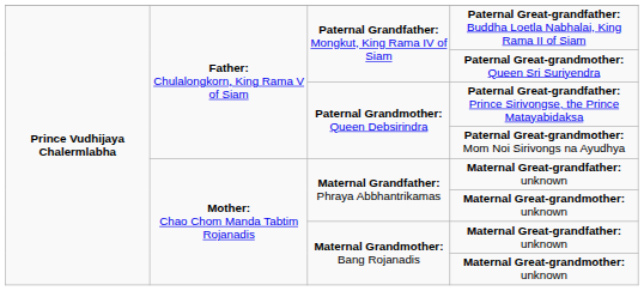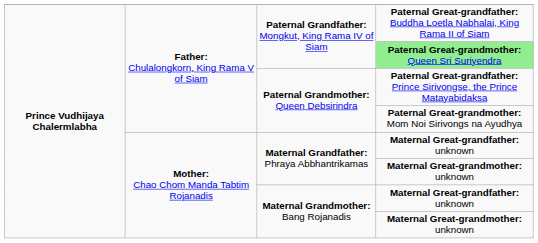 <table class="wikitable">
 <tr>
 </tr>
 <tr>
 <td rowspan="8" align="center"><strong>Prince Vudhijaya Chalermlabha</strong></td>
 <td rowspan="4" align="center"><strong>Father:</strong><br><a href='#'>Chulalongkorn, King Rama V of Siam</a></td>
 <td rowspan="2" align="center"><strong>Paternal Grandfather:</strong><br><a href='#'>Mongkut, King Rama IV of Siam</a></td>
 <td align = "center"><strong>Paternal Great-grandfather:</strong><br><a href='#'>Buddha Loetla Nabhalai, King Rama II of Siam</a></td>
 </tr>
 <tr>
-<td align = "center"><strong>Paternal Great-grandmother:</strong><br><a href='#'>Queen Sri Suriyendra</a></td>
+<td align = "center" style="background: lightgreen;"><strong>Paternal Great-grandmother:</strong><br><a href='#'>Queen Sri Suriyendra</a></td>
 </tr>
 <tr>
 <td rowspan="2" align="center"><strong>Paternal Grandmother:</strong><br><a href='#'>Queen Debsirindra</a></td>
 <td align = "center"><strong>Paternal Great-grandfather:</strong><br><a href='#'>Prince Sirivongse, the Prince Matayabidaksa</a></td>
 </tr>
 <tr>
 <td align = "center"><strong>Paternal Great-grandmother:</strong><br>Mom Noi Sirivongs na Ayudhya</td>
 </tr>
 <tr>
 <td rowspan="4" align="center"><strong>Mother:</strong><br><a href='#'>Chao Chom Manda Tabtim Rojanadis</a></td>
 <td rowspan="2" align="center"><strong>Maternal Grandfather:</strong><br>Phraya Abbhantrikamas</td>
 <td align = "center"><strong>Maternal Great-grandfather:</strong><br>unknown</td>
 </tr>
 <tr>
 <td align = "center"><strong>Maternal Great-grandmother:</strong><br>unknown</td>
 </tr>
 <tr>
 <td rowspan="2" align="center"><strong>Maternal Grandmother:</strong><br>Bang Rojanadis</td>
 <td align = "center"><strong>Maternal Great-grandfather:</strong><br>unknown</td>
 </tr>
 <tr>
 <td align = "center"><strong>Maternal Great-grandmother:</strong><br>unknown</td>
 </tr>
 </table>
